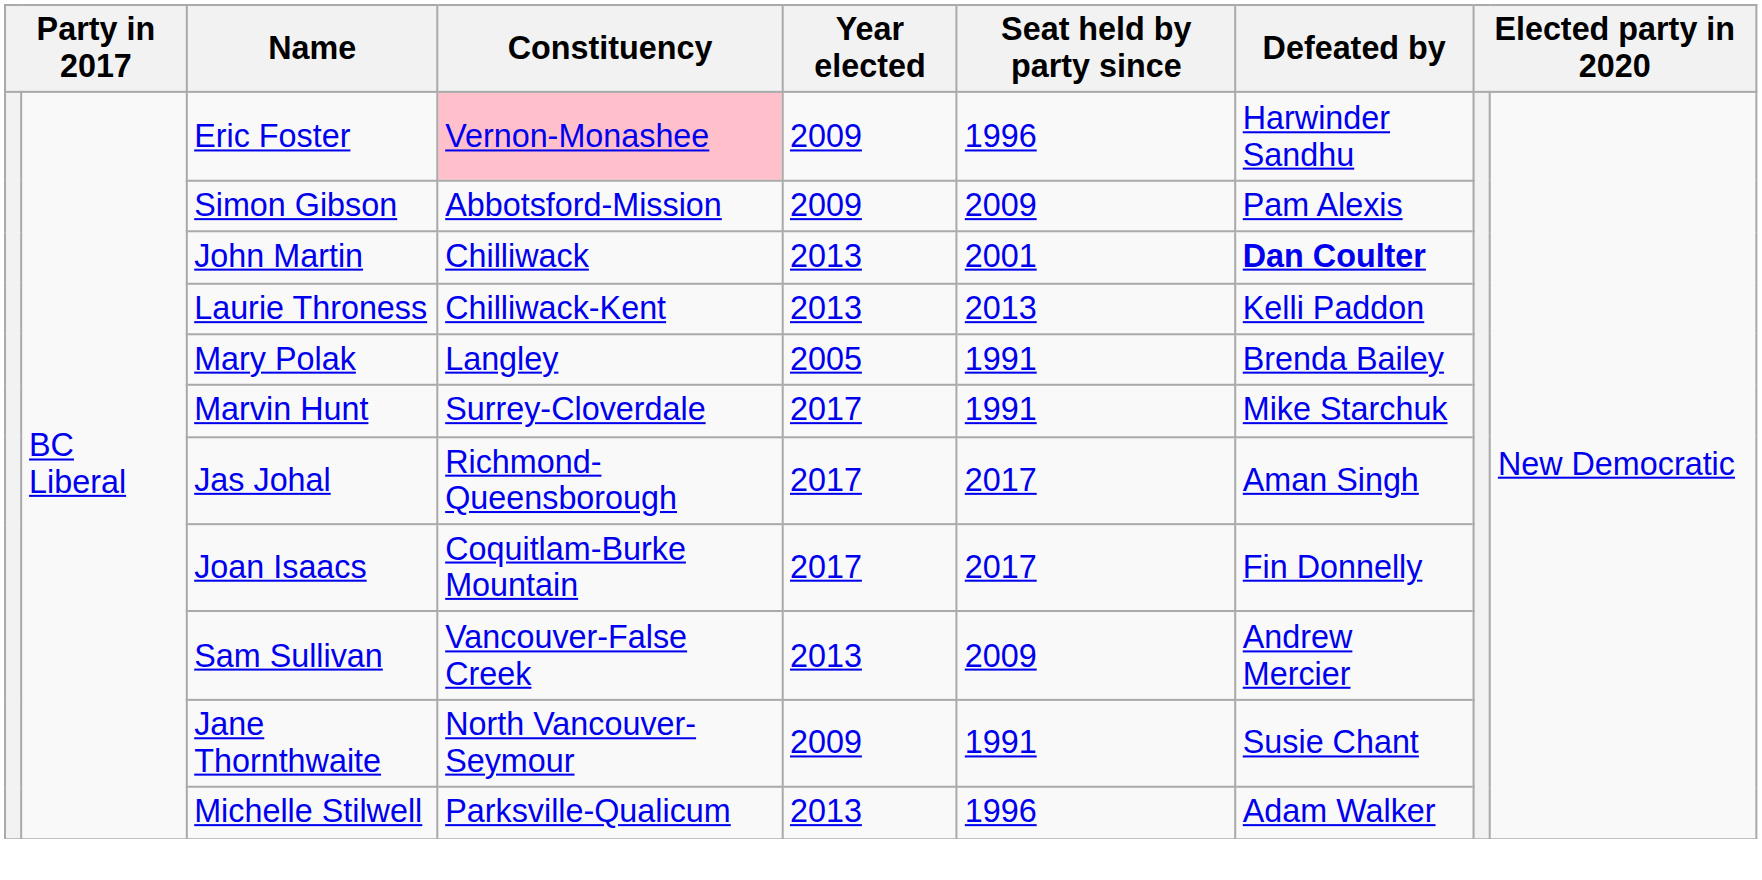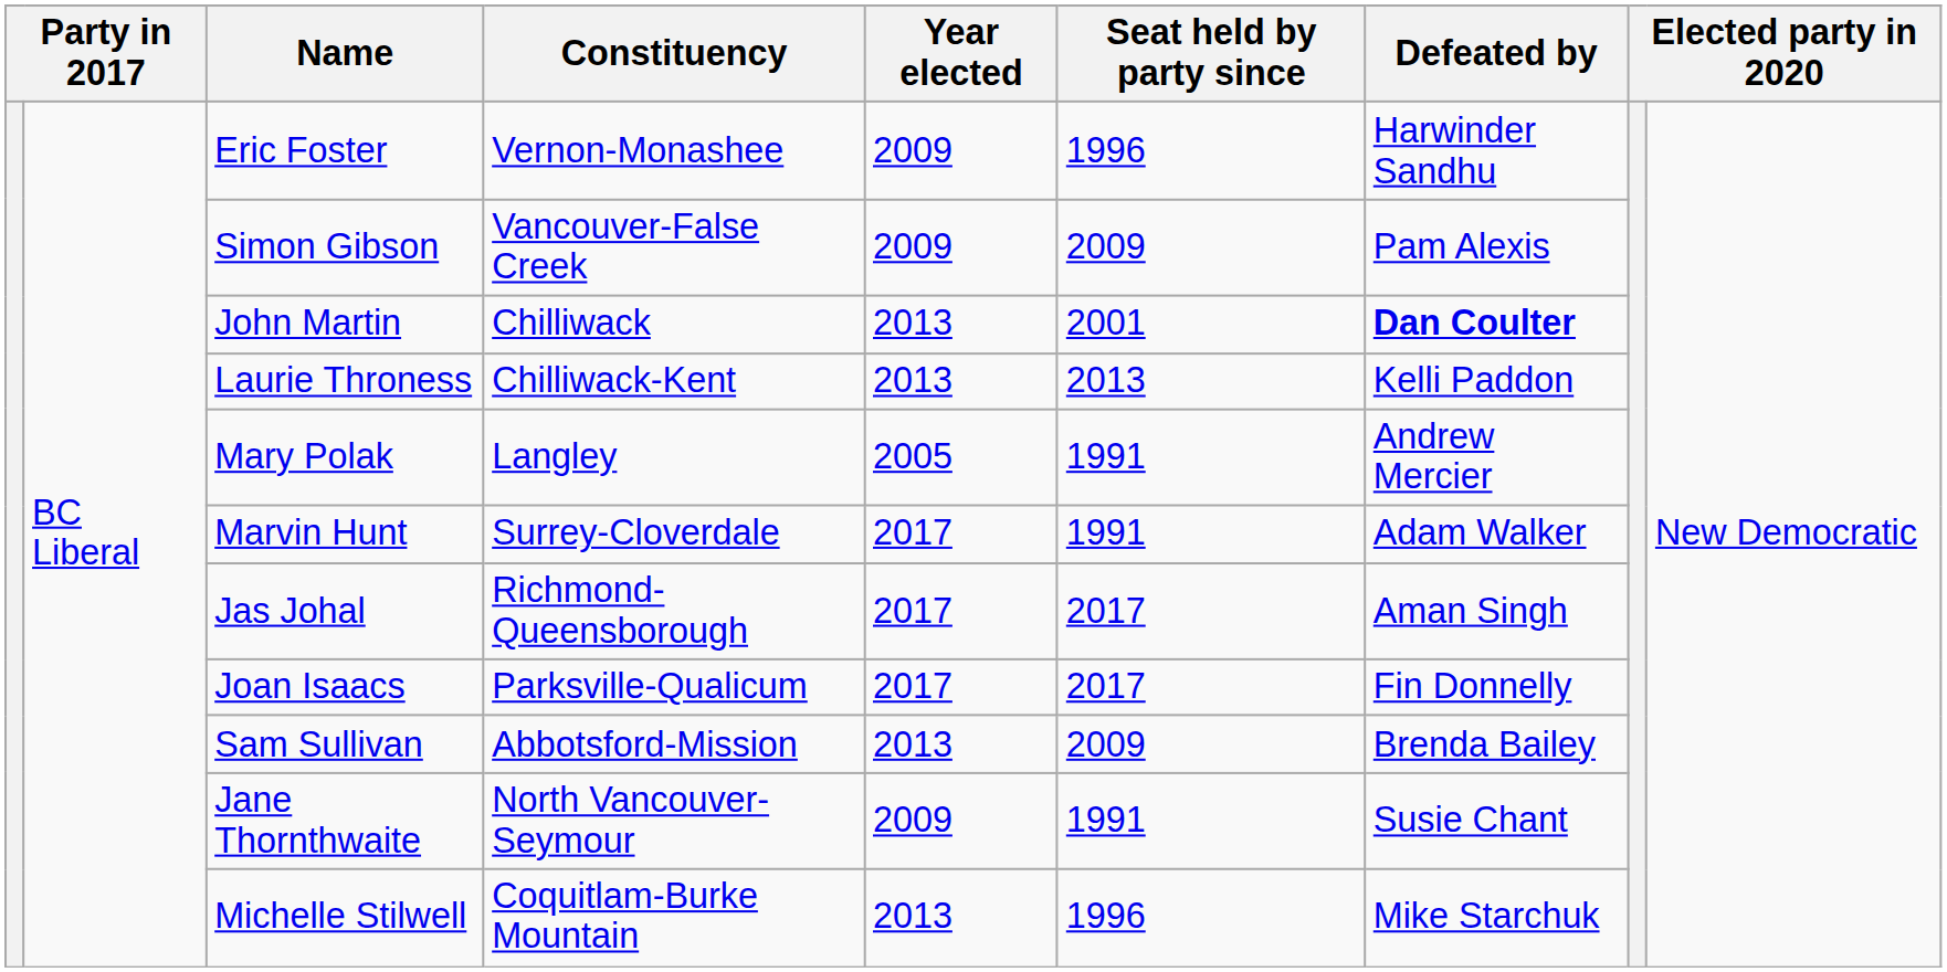 <table class="wikitable sortable">
 <tr>
 <th colspan="2">Party in 2017</th>
 <th>Name</th>
 <th>Constituency</th>
 <th>Year elected</th>
 <th>Seat held by party since</th>
 <th>Defeated by</th>
 <th colspan="2">Elected party in 2020</th>
 </tr>
 <tr>
 <th rowspan=11 style="background-color: "></th>
 <td rowspan="11"><a href='#'>BC Liberal</a></td>
 <td><a href='#'>Eric Foster</a></td>
-<td style="background: pink;"><a href='#'>Vernon-Monashee</a></td>
+<td><a href='#'>Vernon-Monashee</a></td>
 <td><a href='#'>2009</a></td>
 <td><a href='#'>1996</a></td>
 <td><a href='#'>Harwinder Sandhu</a></td>
 <th rowspan=11 style="background-color: "></th>
 <td rowspan="11"><a href='#'>New Democratic</a></td>
 </tr>
 <tr>
 <td><a href='#'>Simon Gibson</a></td>
-<td><a href='#'>Abbotsford-Mission</a></td>
+<td><a href='#'>Vancouver-False Creek</a></td>
 <td><a href='#'>2009</a></td>
 <td><a href='#'>2009</a></td>
 <td><a href='#'>Pam Alexis</a></td>
 </tr>
 <tr>
 <td><a href='#'>John Martin</a></td>
 <td><a href='#'>Chilliwack</a></td>
 <td><a href='#'>2013</a></td>
 <td><a href='#'>2001</a></td>
 <td><strong><a href='#'>Dan Coulter</a></strong></td>
 </tr>
 <tr>
 <td><a href='#'>Laurie Throness</a></td>
 <td><a href='#'>Chilliwack-Kent</a></td>
 <td><a href='#'>2013</a></td>
 <td><a href='#'>2013</a></td>
 <td><a href='#'>Kelli Paddon</a></td>
 </tr>
 <tr>
 <td><a href='#'>Mary Polak</a></td>
 <td><a href='#'>Langley</a></td>
 <td><a href='#'>2005</a></td>
 <td><a href='#'>1991</a></td>
-<td><a href='#'>Brenda Bailey</a></td>
+<td><a href='#'>Andrew Mercier</a></td>
 </tr>
 <tr>
 <td><a href='#'>Marvin Hunt</a></td>
 <td><a href='#'>Surrey-Cloverdale</a></td>
 <td><a href='#'>2017</a></td>
 <td><a href='#'>1991</a></td>
-<td><a href='#'>Mike Starchuk</a></td>
+<td><a href='#'>Adam Walker</a></td>
 </tr>
 <tr>
 <td><a href='#'>Jas Johal</a></td>
 <td><a href='#'>Richmond-Queensborough</a></td>
 <td><a href='#'>2017</a></td>
 <td><a href='#'>2017</a></td>
 <td><a href='#'>Aman Singh</a></td>
 </tr>
 <tr>
 <td><a href='#'>Joan Isaacs</a></td>
-<td><a href='#'>Coquitlam-Burke Mountain</a></td>
+<td><a href='#'>Parksville-Qualicum</a></td>
 <td><a href='#'>2017</a></td>
 <td><a href='#'>2017</a></td>
 <td><a href='#'>Fin Donnelly</a></td>
 </tr>
 <tr>
 <td><a href='#'>Sam Sullivan</a></td>
-<td><a href='#'>Vancouver-False Creek</a></td>
+<td><a href='#'>Abbotsford-Mission</a></td>
 <td><a href='#'>2013</a></td>
 <td><a href='#'>2009</a></td>
-<td><a href='#'>Andrew Mercier</a></td>
+<td><a href='#'>Brenda Bailey</a></td>
 </tr>
 <tr>
 <td><a href='#'>Jane Thornthwaite</a></td>
 <td><a href='#'>North Vancouver-Seymour</a></td>
 <td><a href='#'>2009</a></td>
 <td><a href='#'>1991</a></td>
 <td><a href='#'>Susie Chant</a></td>
 </tr>
 <tr>
 <td><a href='#'>Michelle Stilwell</a></td>
-<td><a href='#'>Parksville-Qualicum</a></td>
+<td><a href='#'>Coquitlam-Burke Mountain</a></td>
 <td><a href='#'>2013</a></td>
 <td><a href='#'>1996</a></td>
-<td><a href='#'>Adam Walker</a></td>
+<td><a href='#'>Mike Starchuk</a></td>
 </tr>
 </table>
